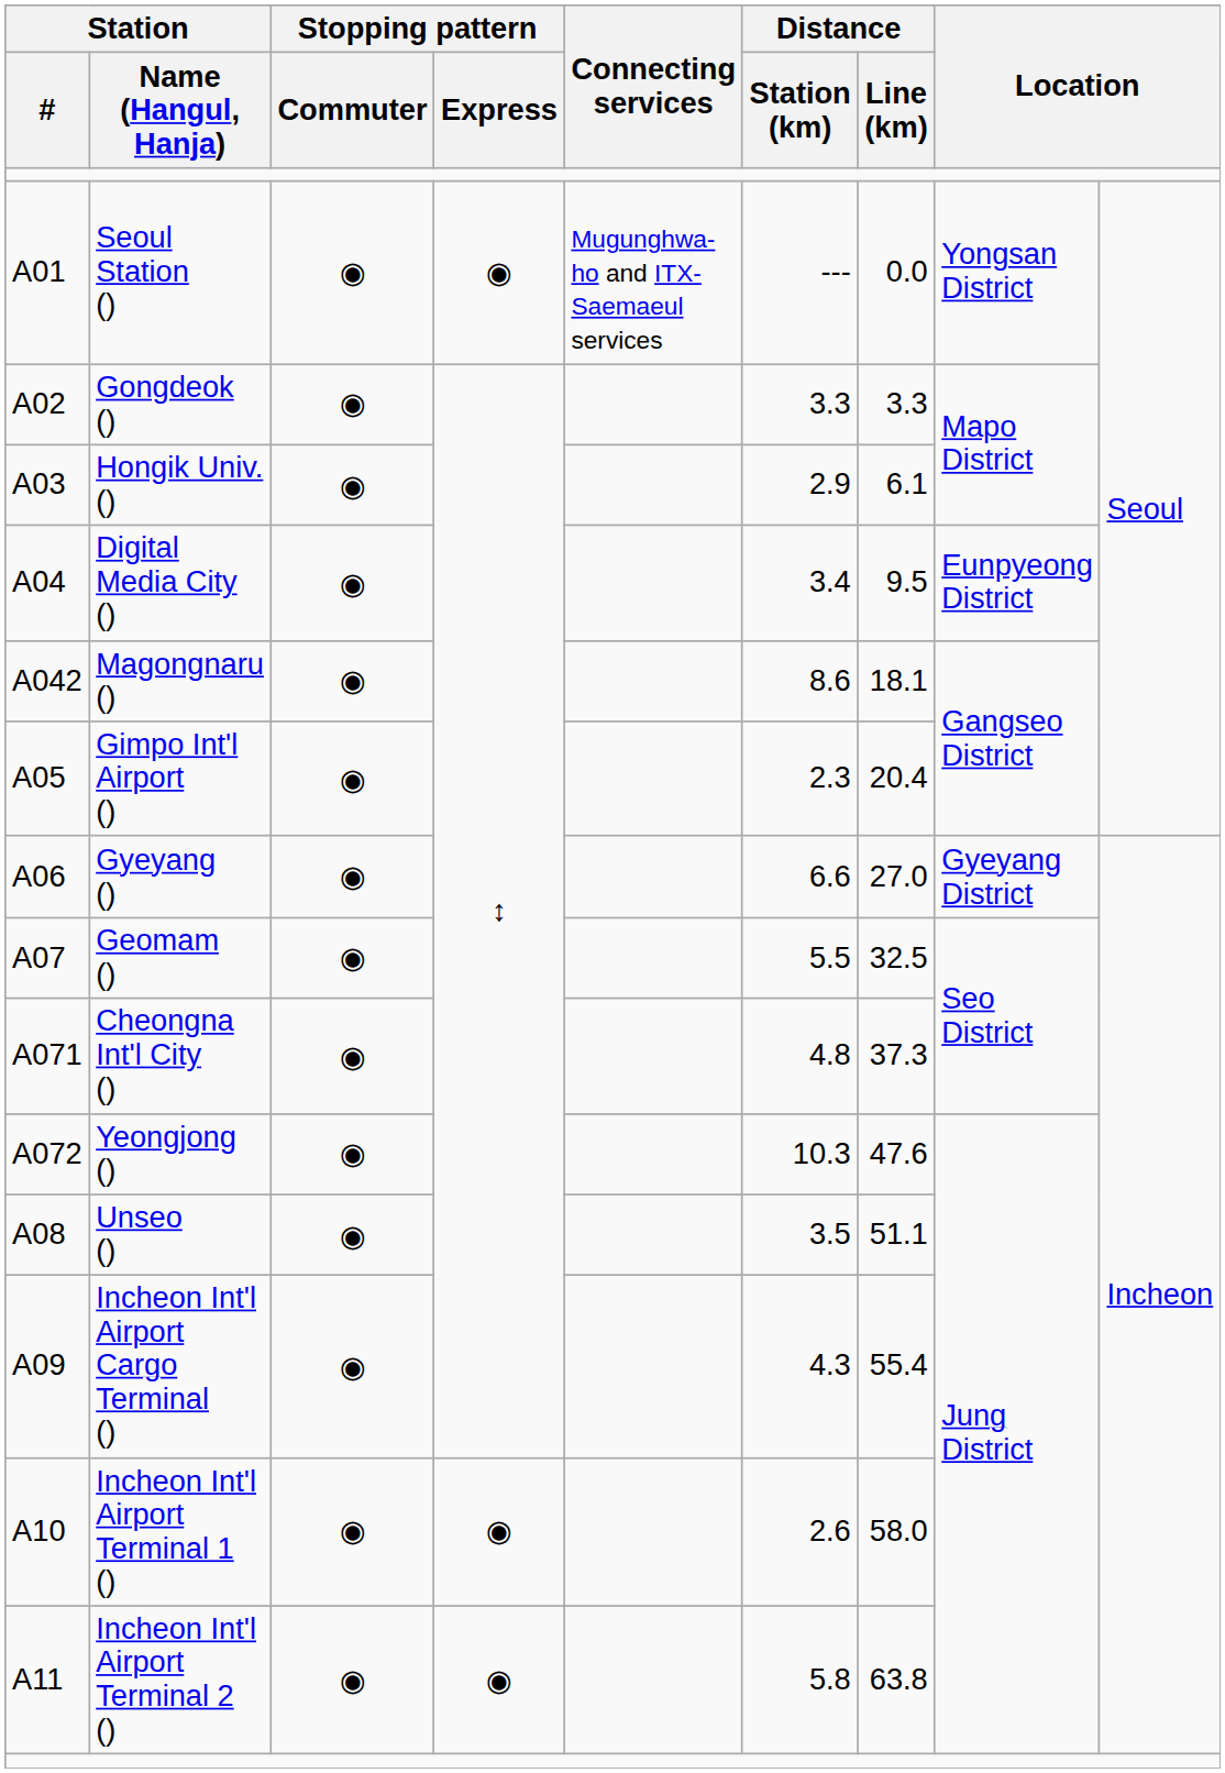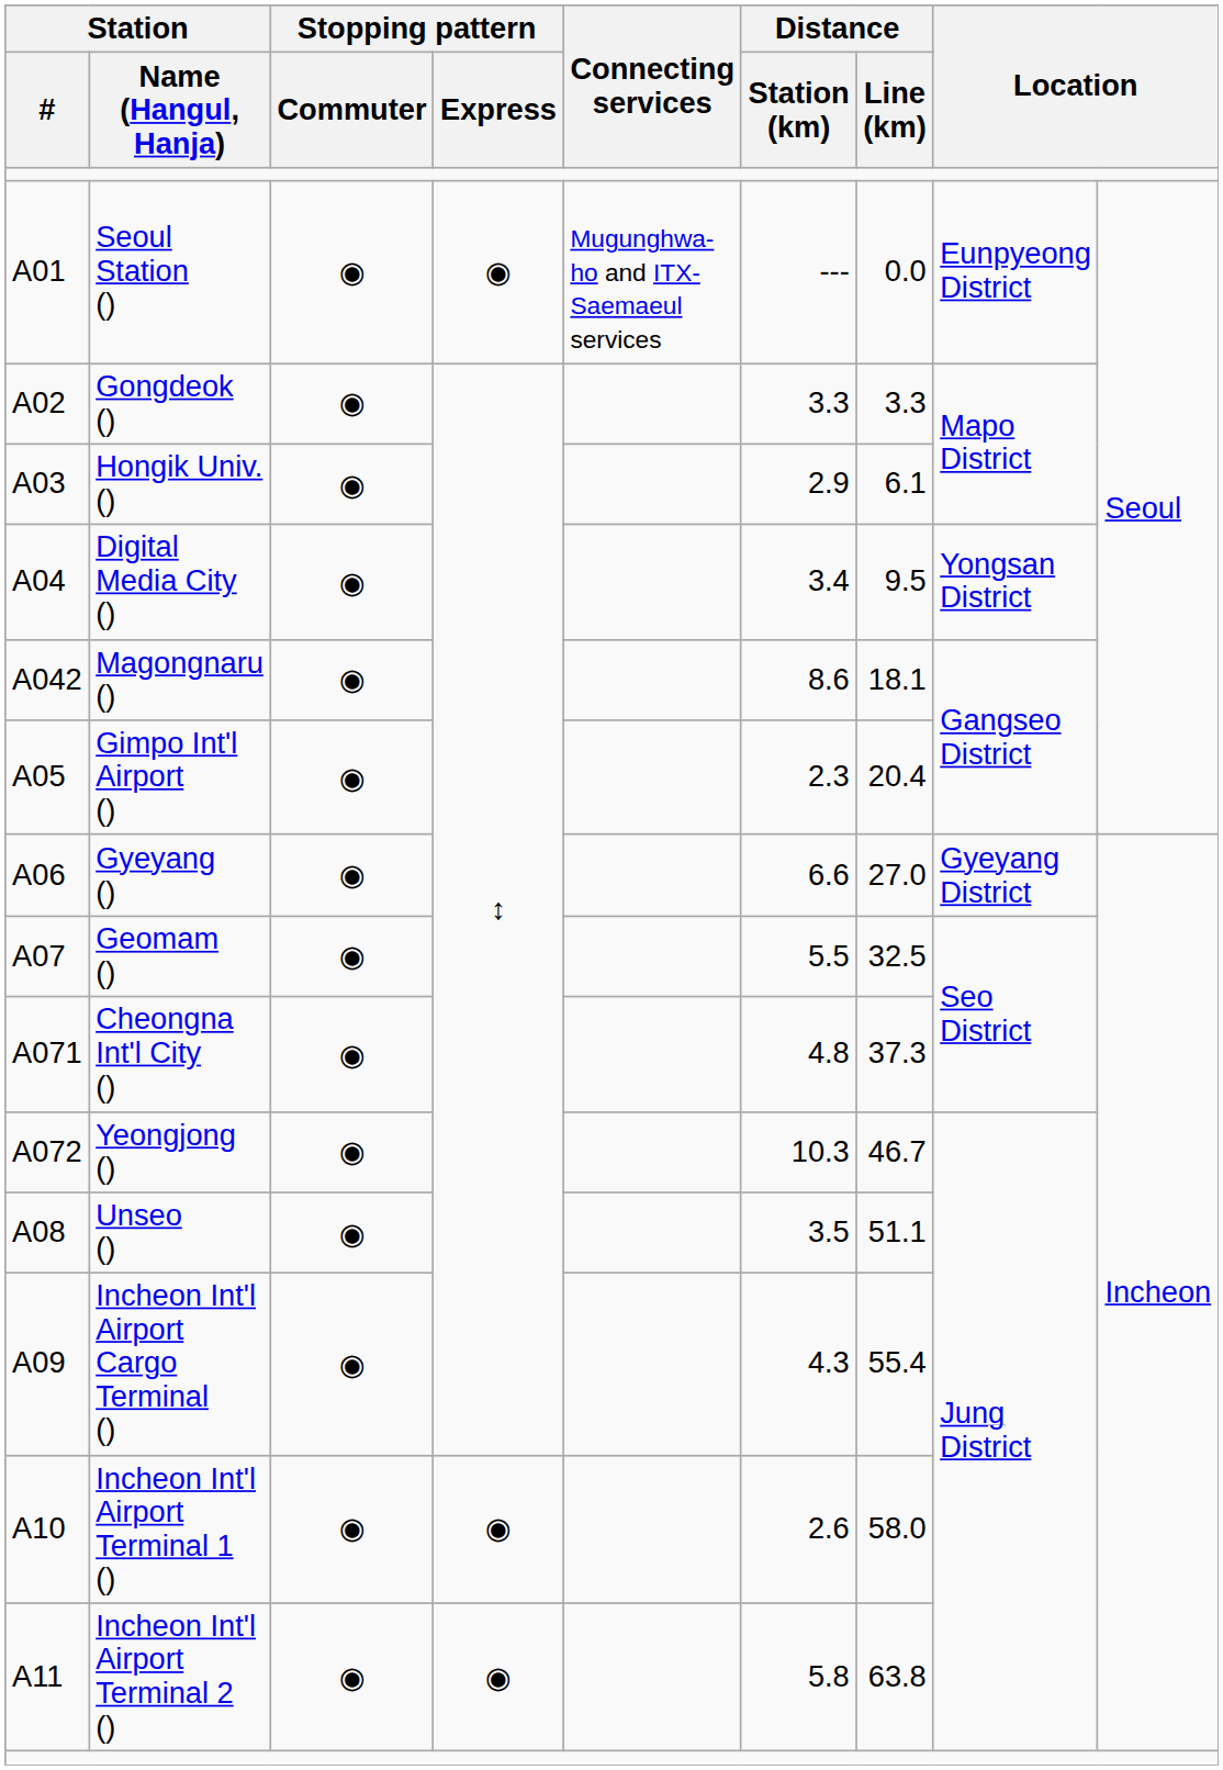 <table class="wikitable">
 <tr>
 <th colspan="2">Station</th>
 <th colspan="2">Stopping pattern</th>
 <th rowspan="2" width=210>Connecting services</th>
 <th colspan="2">Distance</th>
 <th colspan="2" rowspan="2">Location</th>
 </tr>
 <tr>
 <th>#</th>
 <th>Name<br>(<a href='#'>Hangul</a>, <a href='#'>Hanja</a>)</th>
 <th>Commuter<br></th>
 <th>Express<br></th>
 <th>Station<br>(km)</th>
 <th>Line<br>(km)</th>
 </tr>
 <tr style="background:#">
 <td colspan="11"></td>
 </tr>
 <tr>
 <td>A01</td>
 <td><a href='#'>Seoul Station</a><br>()</td>
 <td style="text-align:center;">◉</td>
 <td style="text-align:center;">◉</td>
 <td>  <br> <small><a href='#'>Mugunghwa-ho</a> and <a href='#'>ITX-Saemaeul</a> services</small><br></td>
 <td align="right">---</td>
 <td align="right">0.0</td>
-<td><a href='#'>Yongsan District</a></td>
+<td><a href='#'>Eunpyeong District</a></td>
 <td rowspan="6"><a href='#'>Seoul</a></td>
 </tr>
 <tr>
 <td>A02</td>
 <td><a href='#'>Gongdeok</a><br>()</td>
 <td style="text-align:center;">◉</td>
 <td rowspan="11" style="text-align:center;">↕</td>
 <td>  </td>
 <td align="right">3.3</td>
 <td align="right">3.3</td>
 <td rowspan="2"><a href='#'>Mapo District</a></td>
 </tr>
 <tr>
 <td>A03</td>
 <td><a href='#'>Hongik Univ.</a><br>()</td>
 <td style="text-align:center;">◉</td>
 <td> </td>
 <td align="right">2.9</td>
 <td align="right">6.1</td>
 </tr>
 <tr>
 <td>A04</td>
 <td><a href='#'>Digital Media City</a><br>()</td>
 <td style="text-align:center;">◉</td>
 <td> </td>
 <td align="right">3.4</td>
 <td align="right">9.5</td>
-<td><a href='#'>Eunpyeong District</a></td>
+<td><a href='#'>Yongsan District</a></td>
 </tr>
 <tr>
 <td>A042</td>
 <td><a href='#'>Magongnaru</a><br>()</td>
 <td style="text-align:center;">◉</td>
 <td></td>
 <td align="right">8.6</td>
 <td align="right">18.1</td>
 <td rowspan="2"><a href='#'>Gangseo District</a></td>
 </tr>
 <tr>
 <td>A05</td>
 <td><a href='#'>Gimpo Int'l Airport</a><br>()</td>
 <td style="text-align:center;">◉</td>
 <td>   </td>
 <td align="right">2.3</td>
 <td align="right">20.4</td>
 </tr>
 <tr>
 <td>A06</td>
 <td><a href='#'>Gyeyang</a><br>()</td>
 <td style="text-align:center;">◉</td>
 <td></td>
 <td align="right">6.6</td>
 <td align="right">27.0</td>
 <td><a href='#'>Gyeyang District</a></td>
 <td rowspan="8"><a href='#'>Incheon</a></td>
 </tr>
 <tr>
 <td>A07</td>
 <td><a href='#'>Geomam</a><br>()</td>
 <td style="text-align:center;">◉</td>
 <td></td>
 <td align="right">5.5</td>
 <td align="right">32.5</td>
 <td rowspan="2"><a href='#'>Seo District</a></td>
 </tr>
 <tr>
 <td>A071</td>
 <td><a href='#'>Cheongna Int'l City</a><br>()</td>
 <td style="text-align:center;">◉</td>
 <td></td>
 <td align="right">4.8</td>
 <td align="right">37.3</td>
 </tr>
 <tr>
 <td>A072</td>
 <td><a href='#'>Yeongjong</a> <br>()</td>
 <td style="text-align:center;">◉</td>
 <td></td>
 <td align="right">10.3</td>
-<td align="right">47.6</td>
+<td align="right">46.7</td>
 <td rowspan="5"><a href='#'>Jung District</a></td>
 </tr>
 <tr>
 <td>A08</td>
 <td><a href='#'>Unseo</a><br>()</td>
 <td style="text-align:center;">◉</td>
 <td></td>
 <td align="right">3.5</td>
 <td align="right">51.1</td>
 </tr>
 <tr>
 <td>A09</td>
 <td><a href='#'>Incheon Int'l Airport Cargo Terminal</a><br>()</td>
 <td style="text-align:center;">◉</td>
 <td></td>
 <td align="right">4.3</td>
 <td align="right">55.4</td>
 </tr>
 <tr>
 <td>A10</td>
 <td><a href='#'>Incheon Int'l Airport Terminal 1</a><br>()</td>
 <td style="text-align:center;">◉</td>
 <td style="text-align:center;">◉</td>
 <td></td>
 <td align="right">2.6</td>
 <td align="right">58.0</td>
 </tr>
 <tr>
 <td>A11</td>
 <td><a href='#'>Incheon Int'l Airport Terminal 2</a><br>()</td>
 <td style="text-align:center;">◉</td>
 <td style="text-align:center;">◉</td>
 <td></td>
 <td align="right">5.8</td>
 <td align="right">63.8</td>
 </tr>
 <tr style="background:#">
 <td colspan="11"></td>
 </tr>
 </table>
